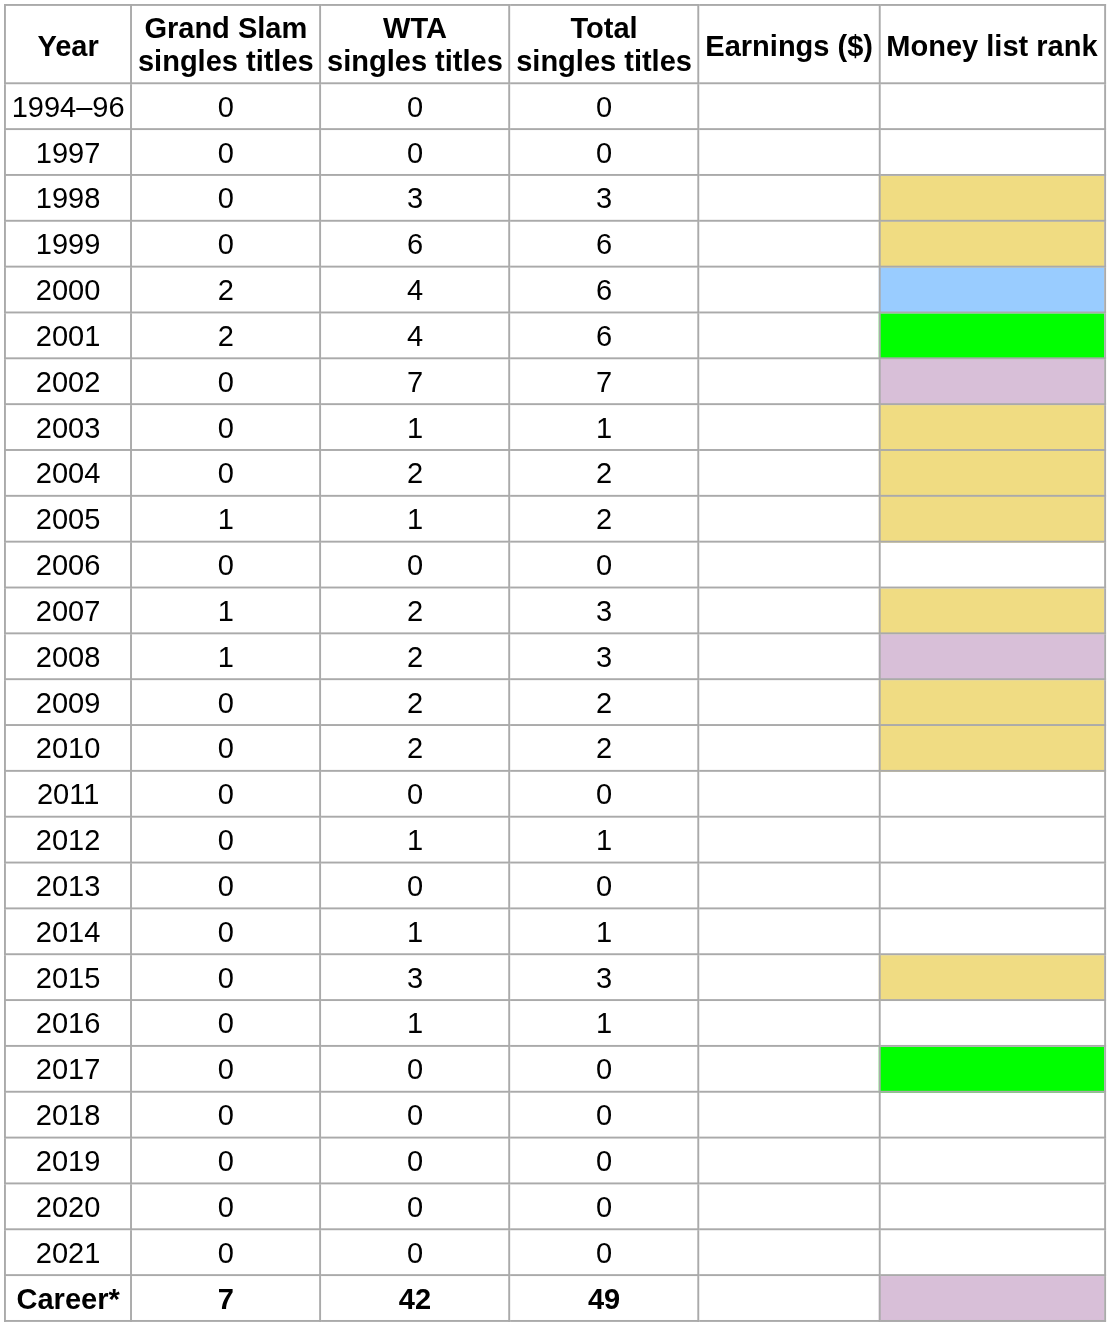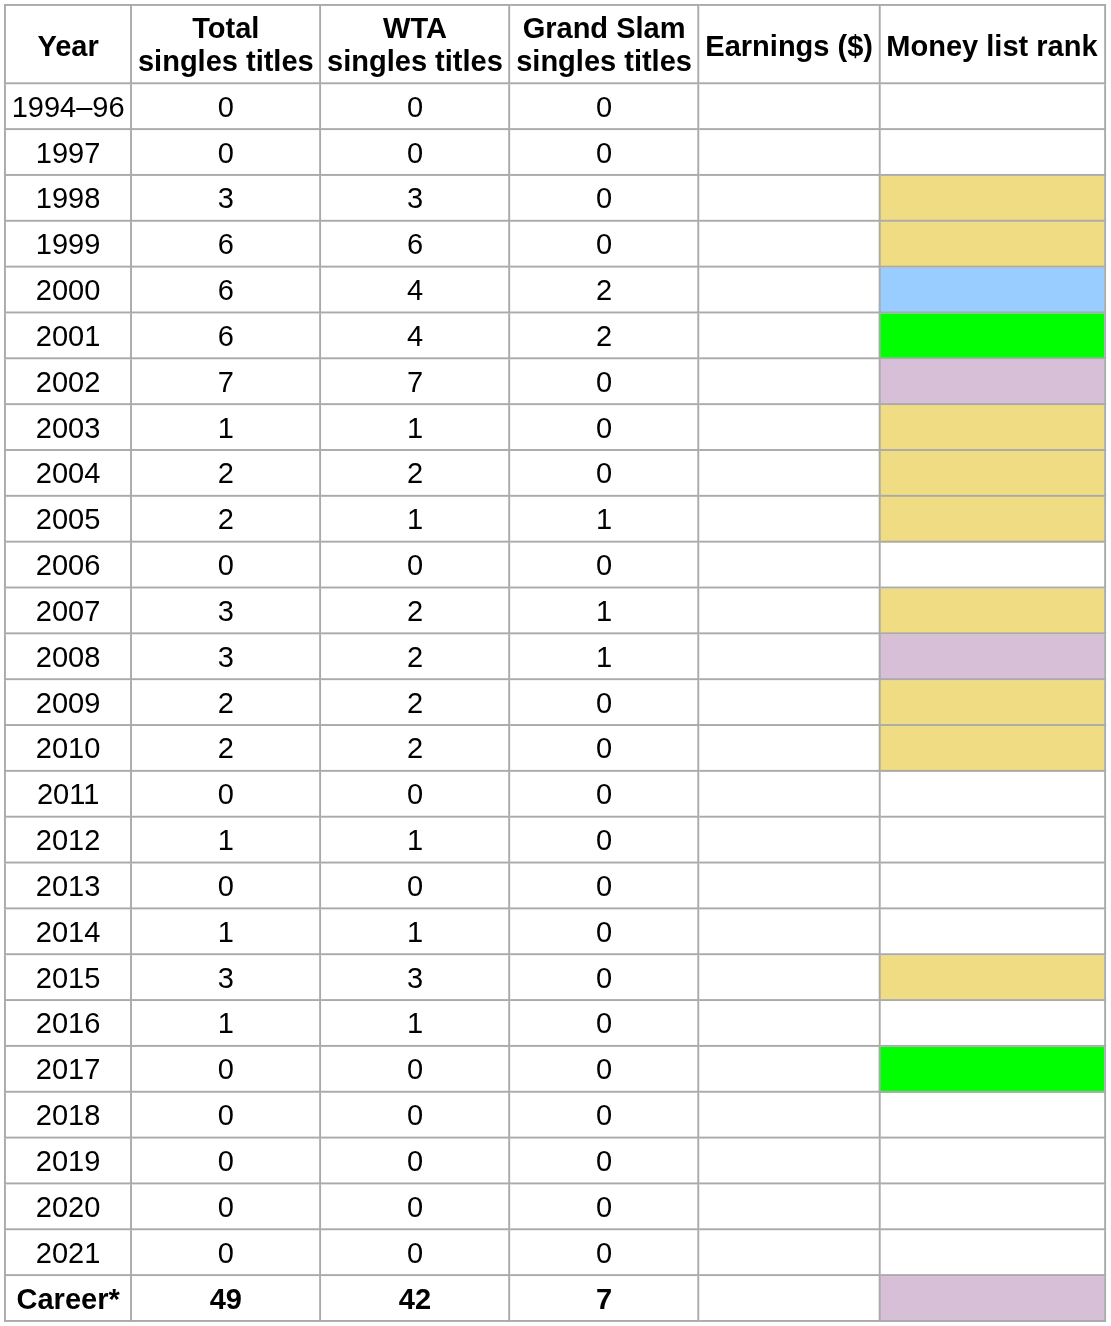 <table cellpadding=3 cellspacing=0 border=1 style=font-size:95%;border:#aaa;solid:1px;border-collapse:collapse;text-align:center>
 <tr>
 <th>Year</th>
+<th>Total<br>singles titles</th>
+<th>WTA<br>singles titles</th>
 <th>Grand Slam<br>singles titles</th>
-<th>WTA<br>singles titles</th>
-<th>Total<br>singles titles</th>
 <th>Earnings ($)</th>
 <th>Money list rank</th>
 </tr>
 <tr>
 <td>1994–96</td>
 <td>0</td>
 <td>0</td>
 <td>0</td>
 <td align=right></td>
 <td></td>
 </tr>
 <tr>
 <td>1997</td>
 <td>0</td>
 <td>0</td>
 <td>0</td>
 <td align=right></td>
 <td></td>
 </tr>
 <tr>
 <td>1998</td>
-<td>0</td>
 <td>3</td>
 <td>3</td>
+<td>0</td>
 <td align=right></td>
 <td bgcolor=F0DC82></td>
 </tr>
 <tr>
 <td>1999</td>
-<td>0</td>
 <td>6</td>
 <td>6</td>
+<td>0</td>
 <td align=right></td>
 <td bgcolor=F0DC82></td>
 </tr>
 <tr>
 <td>2000</td>
+<td>6</td>
+<td>4</td>
 <td>2</td>
-<td>4</td>
-<td>6</td>
 <td align=right></td>
 <td bgcolor=99ccff></td>
 </tr>
 <tr>
 <td>2001</td>
+<td>6</td>
+<td>4</td>
 <td>2</td>
-<td>4</td>
-<td>6</td>
 <td align=right></td>
 <td bgcolor=00ff00></td>
 </tr>
 <tr>
 <td>2002</td>
-<td>0</td>
 <td>7</td>
 <td>7</td>
+<td>0</td>
 <td align=right></td>
 <td bgcolor=thistle></td>
 </tr>
 <tr>
 <td>2003</td>
-<td>0</td>
 <td>1</td>
 <td>1</td>
+<td>0</td>
 <td align=right></td>
 <td bgcolor=F0DC82></td>
 </tr>
 <tr>
 <td>2004</td>
-<td>0</td>
 <td>2</td>
 <td>2</td>
+<td>0</td>
 <td align=right></td>
 <td bgcolor=F0DC82></td>
 </tr>
 <tr>
 <td>2005</td>
+<td>2</td>
 <td>1</td>
 <td>1</td>
-<td>2</td>
 <td align=right></td>
 <td bgcolor=F0DC83></td>
 </tr>
 <tr>
 <td>2006</td>
 <td>0</td>
 <td>0</td>
 <td>0</td>
 <td align=right></td>
 <td></td>
 </tr>
 <tr>
 <td>2007</td>
+<td>3</td>
+<td>2</td>
 <td>1</td>
-<td>2</td>
-<td>3</td>
 <td align=right></td>
 <td bgcolor=F0DC83></td>
 </tr>
 <tr>
 <td>2008</td>
+<td>3</td>
+<td>2</td>
 <td>1</td>
-<td>2</td>
-<td>3</td>
 <td align=right></td>
 <td bgcolor=thistle></td>
 </tr>
 <tr>
 <td>2009</td>
-<td>0</td>
 <td>2</td>
 <td>2</td>
+<td>0</td>
 <td align=right></td>
 <td bgcolor=F0DC83></td>
 </tr>
 <tr>
 <td>2010</td>
-<td>0</td>
 <td>2</td>
 <td>2</td>
+<td>0</td>
 <td align=right></td>
 <td bgcolor=F0DC83></td>
 </tr>
 <tr>
 <td>2011</td>
 <td>0</td>
 <td>0</td>
 <td>0</td>
 <td align=right></td>
 <td></td>
 </tr>
 <tr>
 <td>2012</td>
-<td>0</td>
 <td>1</td>
 <td>1</td>
+<td>0</td>
 <td align=right></td>
 <td></td>
 </tr>
 <tr>
 <td>2013</td>
 <td>0</td>
 <td>0</td>
 <td>0</td>
 <td align=right></td>
 <td></td>
 </tr>
 <tr>
 <td>2014</td>
-<td>0</td>
 <td>1</td>
 <td>1</td>
+<td>0</td>
 <td align=right></td>
 <td></td>
 </tr>
 <tr>
 <td>2015</td>
-<td>0</td>
 <td>3</td>
 <td>3</td>
+<td>0</td>
 <td align=right></td>
 <td bgcolor=F0DC83></td>
 </tr>
 <tr>
 <td>2016</td>
-<td>0</td>
 <td>1</td>
 <td>1</td>
+<td>0</td>
 <td align=right></td>
 <td></td>
 </tr>
 <tr>
 <td>2017</td>
 <td>0</td>
 <td>0</td>
 <td>0</td>
 <td align=right></td>
 <td bgcolor=lime></td>
 </tr>
 <tr>
 <td>2018</td>
 <td>0</td>
 <td>0</td>
 <td>0</td>
 <td align=right></td>
 <td></td>
 </tr>
 <tr>
 <td>2019</td>
 <td>0</td>
 <td>0</td>
 <td>0</td>
 <td align=right></td>
 <td></td>
 </tr>
 <tr>
 <td>2020</td>
 <td>0</td>
 <td>0</td>
 <td>0</td>
 <td align=right></td>
 <td></td>
 </tr>
 <tr>
 <td>2021</td>
 <td>0</td>
 <td>0</td>
 <td>0</td>
 <td align=right></td>
 <td></td>
 </tr>
 <tr>
 <th>Career*</th>
+<th>49</th>
+<th>42</th>
 <th>7</th>
-<th>42</th>
-<th>49</th>
 <td align="right"><strong></strong></td>
 <td bgcolor="thistle"><strong></strong></td>
 </tr>
 </table>
